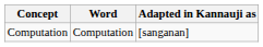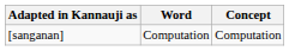 <table class="wikitable">
 <tr>
+<th>Adapted in Kannauji as</th>
+<th>Word</th>
 <th>Concept</th>
-<th>Word</th>
-<th>Adapted in Kannauji as</th>
 </tr>
 <tr>
+<td>[sanganan]</td>
 <td>Computation</td>
 <td>Computation</td>
-<td>[sanganan]</td>
 </tr>
 </table>
